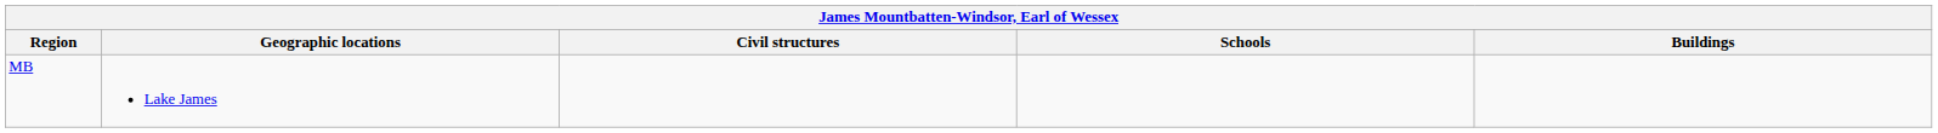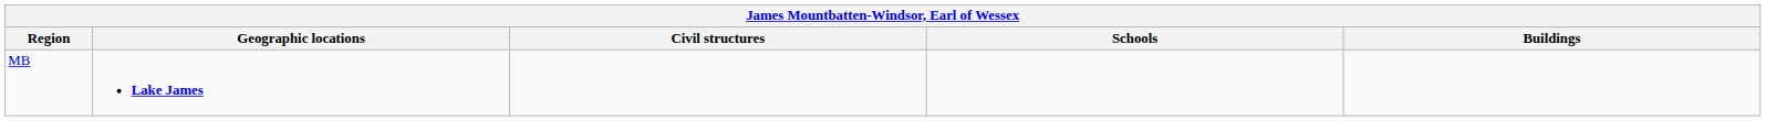 <table class="wikitable" width="100%">
 <tr>
 <th colspan="5"> <a href='#'>James Mountbatten-Windsor, Earl of Wessex</a></th>
 </tr>
 <tr>
 <th width="5%">Region</th>
 <th width="23.75%">Geographic locations</th>
 <th width="23.75%">Civil structures</th>
 <th width="23.75%">Schools</th>
 <th width="23.75%">Buildings</th>
 </tr>
 <tr>
 <td align=left valign=top> <a href='#'>MB</a></td>
-<td align=left valign=top><br><ul><li><a href='#'>Lake James</a></li></ul></td>
+<td align=left valign=top><strong><br><ul><li><a href='#'>Lake James</a></li></ul></strong></td>
 <td></td>
 <td></td>
 <td></td>
 </tr>
 </table>
